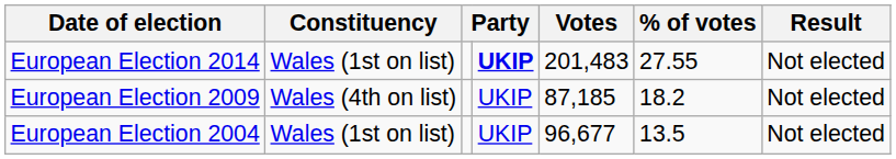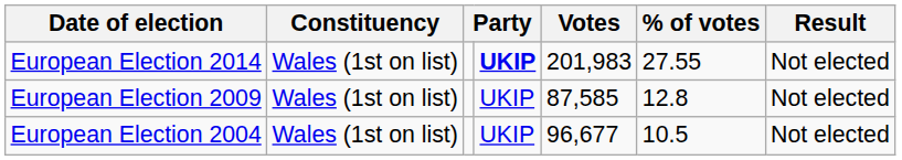 <table class="wikitable">
 <tr>
 <th>Date of election</th>
 <th>Constituency</th>
 <th colspan = 2>Party</th>
 <th>Votes</th>
 <th>% of votes</th>
 <th>Result</th>
 </tr>
 <tr>
 <td><a href='#'>European Election 2014</a></td>
 <td><a href='#'>Wales</a> (1st on list)</td>
 <td style="background-color: "></td>
 <td><strong><a href='#'>UKIP</a></strong></td>
-<td>201,483</td>
+<td>201,983</td>
 <td>27.55</td>
 <td>Not elected</td>
 </tr>
 <tr>
 <td><a href='#'>European Election 2009</a></td>
-<td><a href='#'>Wales</a> (4th on list)</td>
+<td><a href='#'>Wales</a> (1st on list)</td>
 <td style="background-color: "></td>
 <td><a href='#'>UKIP</a></td>
-<td>87,185</td>
-<td>18.2</td>
+<td>87,585</td>
+<td>12.8</td>
 <td>Not elected</td>
 </tr>
 <tr>
 <td><a href='#'>European Election 2004</a></td>
 <td><a href='#'>Wales</a> (1st on list)</td>
 <td style="background-color: "></td>
 <td><a href='#'>UKIP</a></td>
 <td>96,677</td>
-<td>13.5</td>
+<td>10.5</td>
 <td>Not elected</td>
 </tr>
 </table>
